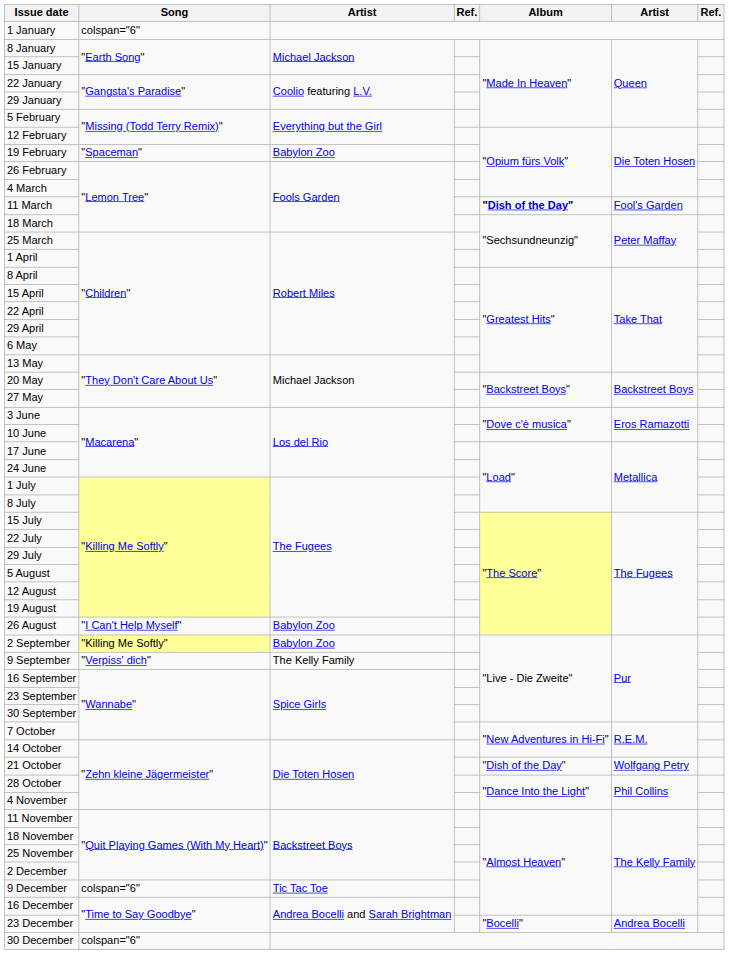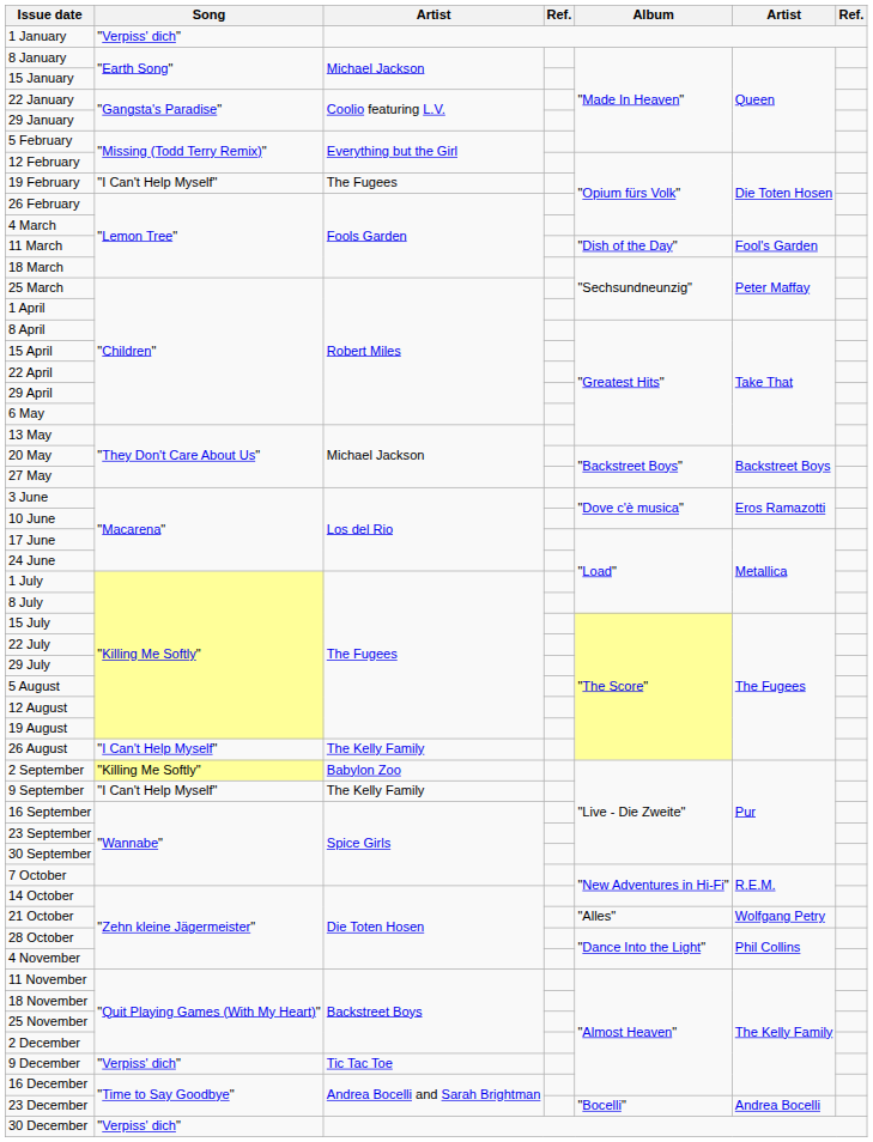 <table class="sortable wikitable">
 <tr>
 <th>Issue date</th>
 <th>Song</th>
 <th>Artist</th>
 <th>Ref.</th>
 <th>Album</th>
 <th>Artist</th>
 <th>Ref.</th>
 </tr>
 <tr>
 <td>1 January</td>
-<td>colspan="6" </td>
+<td>"<a href='#'>Verpiss' dich</a>"</td>
 </tr>
 <tr>
 <td>8 January</td>
 <td rowspan="2">"<a href='#'>Earth Song</a>"</td>
 <td rowspan="2"><a href='#'>Michael Jackson</a></td>
 <td align="center"></td>
 <td rowspan="5">"<a href='#'>Made In Heaven</a>"</td>
 <td rowspan="5"><a href='#'>Queen</a></td>
 <td align="center"></td>
 </tr>
 <tr>
 <td>15 January</td>
 <td align="center"></td>
 <td align="center"></td>
 </tr>
 <tr>
 <td>22 January</td>
 <td rowspan="2">"<a href='#'>Gangsta's Paradise</a>"</td>
 <td rowspan="2"><a href='#'>Coolio</a> featuring <a href='#'>L.V.</a></td>
 <td align="center"></td>
 <td align="center"></td>
 </tr>
 <tr>
 <td>29 January</td>
 <td align="center"></td>
 <td align="center"></td>
 </tr>
 <tr>
 <td>5 February</td>
 <td rowspan="2">"<a href='#'>Missing (Todd Terry Remix)</a>"</td>
 <td rowspan="2"><a href='#'>Everything but the Girl</a></td>
 <td align="center"></td>
 <td align="center"></td>
 </tr>
 <tr>
 <td>12 February</td>
 <td align="center"></td>
 <td rowspan="4">"<a href='#'>Opium fürs Volk</a>"</td>
 <td rowspan="4"><a href='#'>Die Toten Hosen</a></td>
 <td align="center"></td>
 </tr>
 <tr>
 <td>19 February</td>
-<td>"<a href='#'>Spaceman</a>"</td>
-<td><a href='#'>Babylon Zoo</a></td>
+<td>"I Can't Help Myself"</td>
+<td>The Fugees</td>
 <td align="center"></td>
 <td align="center"></td>
 </tr>
 <tr>
 <td>26 February</td>
 <td rowspan="4">"<a href='#'>Lemon Tree</a>"</td>
 <td rowspan="4"><a href='#'>Fools Garden</a></td>
 <td align="center"></td>
 <td align="center"></td>
 </tr>
 <tr>
 <td>4 March</td>
 <td align="center"></td>
 <td align="center"></td>
 </tr>
 <tr>
 <td>11 March</td>
 <td align="center"></td>
-<td><strong>"<a href='#'>Dish of the Day</a>"</strong></td>
+<td>"<a href='#'>Dish of the Day</a>"</td>
 <td><a href='#'>Fool's Garden</a></td>
 <td align="center"></td>
 </tr>
 <tr>
 <td>18 March</td>
 <td align="center"></td>
 <td rowspan="3">"Sechsundneunzig"</td>
 <td rowspan="3"><a href='#'>Peter Maffay</a></td>
 <td align="center"></td>
 </tr>
 <tr>
 <td>25 March</td>
 <td rowspan="7">"<a href='#'>Children</a>"</td>
 <td rowspan="7"><a href='#'>Robert Miles</a></td>
 <td align="center"></td>
 <td align="center"></td>
 </tr>
 <tr>
 <td>1 April</td>
 <td align="center"></td>
 <td align="center"></td>
 </tr>
 <tr>
 <td>8 April</td>
 <td align="center"></td>
 <td rowspan="6">"<a href='#'>Greatest Hits</a>"</td>
 <td rowspan="6"><a href='#'>Take That</a></td>
 <td align="center"></td>
 </tr>
 <tr>
 <td>15 April</td>
 <td align="center"></td>
 <td align="center"></td>
 </tr>
 <tr>
 <td>22 April</td>
 <td align="center"></td>
 <td align="center"></td>
 </tr>
 <tr>
 <td>29 April</td>
 <td align="center"></td>
 <td align="center"></td>
 </tr>
 <tr>
 <td>6 May</td>
 <td align="center"></td>
 <td align="center"></td>
 </tr>
 <tr>
 <td>13 May</td>
 <td rowspan="3">"<a href='#'>They Don't Care About Us</a>"</td>
 <td rowspan="3">Michael Jackson</td>
 <td align="center"></td>
 <td align="center"></td>
 </tr>
 <tr>
 <td>20 May</td>
 <td align="center"></td>
 <td rowspan="2">"<a href='#'>Backstreet Boys</a>"</td>
 <td rowspan="2"><a href='#'>Backstreet Boys</a></td>
 <td align="center"></td>
 </tr>
 <tr>
 <td>27 May</td>
 <td align="center"></td>
 <td align="center"></td>
 </tr>
 <tr>
 <td>3 June</td>
 <td rowspan="4">"<a href='#'>Macarena</a>"</td>
 <td rowspan="4"><a href='#'>Los del Rio</a></td>
 <td align="center"></td>
 <td rowspan="2">"<a href='#'>Dove c'è musica</a>"</td>
 <td rowspan="2"><a href='#'>Eros Ramazotti</a></td>
 <td align="center"></td>
 </tr>
 <tr>
 <td>10 June</td>
 <td align="center"></td>
 <td align="center"></td>
 </tr>
 <tr>
 <td>17 June</td>
 <td align="center"></td>
 <td rowspan="4">"<a href='#'>Load</a>"</td>
 <td rowspan="4"><a href='#'>Metallica</a></td>
 <td align="center"></td>
 </tr>
 <tr>
 <td>24 June</td>
 <td align="center"></td>
 <td align="center"></td>
 </tr>
 <tr>
 <td>1 July</td>
 <td bgcolor=#FFFF99  rowspan="8">"<a href='#'>Killing Me Softly</a>" </td>
 <td rowspan="8"><a href='#'>The Fugees</a></td>
 <td align="center"></td>
 <td align="center"></td>
 </tr>
 <tr>
 <td>8 July</td>
 <td align="center"></td>
 <td align="center"></td>
 </tr>
 <tr>
 <td>15 July</td>
 <td align="center"></td>
 <td bgcolor=#FFFF99  rowspan="7">"<a href='#'>The Score</a>" </td>
 <td rowspan="7"><a href='#'>The Fugees</a></td>
 <td align="center"></td>
 </tr>
 <tr>
 <td>22 July</td>
 <td align="center"></td>
 <td align="center"></td>
 </tr>
 <tr>
 <td>29 July</td>
 <td align="center"></td>
 <td align="center"></td>
 </tr>
 <tr>
 <td>5 August</td>
 <td align="center"></td>
 <td align="center"></td>
 </tr>
 <tr>
 <td>12 August</td>
 <td align="center"></td>
 <td align="center"></td>
 </tr>
 <tr>
 <td>19 August</td>
 <td align="center"></td>
 <td align="center"></td>
 </tr>
 <tr>
 <td>26 August</td>
 <td>"<a href='#'>I Can't Help Myself</a>"</td>
-<td><a href='#'>Babylon Zoo</a></td>
+<td><a href='#'>The Kelly Family</a></td>
 <td align="center"></td>
 <td align="center"></td>
 </tr>
 <tr>
 <td>2 September</td>
 <td bgcolor=#FFFF99>"Killing Me Softly" </td>
 <td><a href='#'>Babylon Zoo</a></td>
 <td align="center"></td>
 <td rowspan="5">"Live - Die Zweite"</td>
 <td rowspan="5"><a href='#'>Pur</a></td>
 <td align="center"></td>
 </tr>
 <tr>
 <td>9 September</td>
-<td>"<a href='#'>Verpiss' dich</a>"</td>
+<td>"I Can't Help Myself"</td>
 <td>The Kelly Family</td>
 <td align="center"></td>
 <td align="center"></td>
 </tr>
 <tr>
 <td>16 September</td>
 <td rowspan="4">"<a href='#'>Wannabe</a>"</td>
 <td rowspan="4"><a href='#'>Spice Girls</a></td>
 <td align="center"></td>
 <td align="center"></td>
 </tr>
 <tr>
 <td>23 September</td>
 <td align="center"></td>
 <td align="center"></td>
 </tr>
 <tr>
 <td>30 September</td>
 <td align="center"></td>
 <td align="center"></td>
 </tr>
 <tr>
 <td>7 October</td>
 <td align="center"></td>
 <td rowspan="2">"<a href='#'>New Adventures in Hi-Fi</a>"</td>
 <td rowspan="2"><a href='#'>R.E.M.</a></td>
 <td align="center"></td>
 </tr>
 <tr>
 <td>14 October</td>
 <td rowspan="4">"<a href='#'>Zehn kleine Jägermeister</a>"</td>
 <td rowspan="4"><a href='#'>Die Toten Hosen</a></td>
 <td align="center"></td>
 <td align="center"></td>
 </tr>
 <tr>
 <td>21 October</td>
 <td align="center"></td>
-<td>"<a href='#'>Dish of the Day</a>"</td>
+<td>"Alles"</td>
 <td><a href='#'>Wolfgang Petry</a></td>
 <td align="center"></td>
 </tr>
 <tr>
 <td>28 October</td>
 <td align="center"></td>
 <td rowspan="2">"<a href='#'>Dance Into the Light</a>"</td>
 <td rowspan="2"><a href='#'>Phil Collins</a></td>
 <td align="center"></td>
 </tr>
 <tr>
 <td>4 November</td>
 <td align="center"></td>
 <td align="center"></td>
 </tr>
 <tr>
 <td>11 November</td>
 <td rowspan="4">"<a href='#'>Quit Playing Games (With My Heart)</a>"</td>
 <td rowspan="4"><a href='#'>Backstreet Boys</a></td>
 <td align="center"></td>
 <td rowspan="6">"<a href='#'>Almost Heaven</a>"</td>
 <td rowspan="6"><a href='#'>The Kelly Family</a></td>
 <td align="center"></td>
 </tr>
 <tr>
 <td>18 November</td>
 <td align="center"></td>
 <td align="center"></td>
 </tr>
 <tr>
 <td>25 November</td>
 <td align="center"></td>
 <td align="center"></td>
 </tr>
 <tr>
 <td>2 December</td>
 <td align="center"></td>
 <td align="center"></td>
 </tr>
 <tr>
 <td>9 December</td>
-<td>colspan="6" </td>
+<td>"<a href='#'>Verpiss' dich</a>"</td>
 <td><a href='#'>Tic Tac Toe</a></td>
 <td align="center"></td>
 <td align="center"></td>
 </tr>
 <tr>
 <td>16 December</td>
 <td rowspan="2">"<a href='#'>Time to Say Goodbye</a>"</td>
 <td rowspan="2"><a href='#'>Andrea Bocelli</a> and <a href='#'>Sarah Brightman</a></td>
 <td align="center"></td>
 <td align="center"></td>
 </tr>
 <tr>
 <td>23 December</td>
 <td align="center"></td>
 <td>"<a href='#'>Bocelli</a>"</td>
 <td><a href='#'>Andrea Bocelli</a></td>
 <td align="center"></td>
 </tr>
 <tr>
 <td>30 December</td>
-<td>colspan="6" </td>
+<td>"<a href='#'>Verpiss' dich</a>"</td>
 </tr>
 </table>
